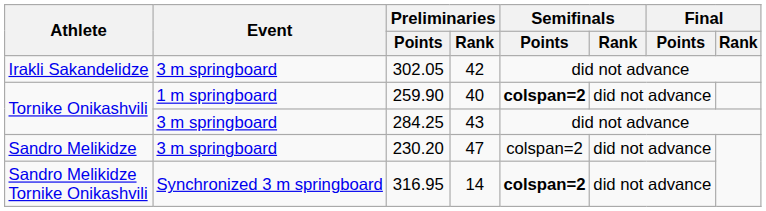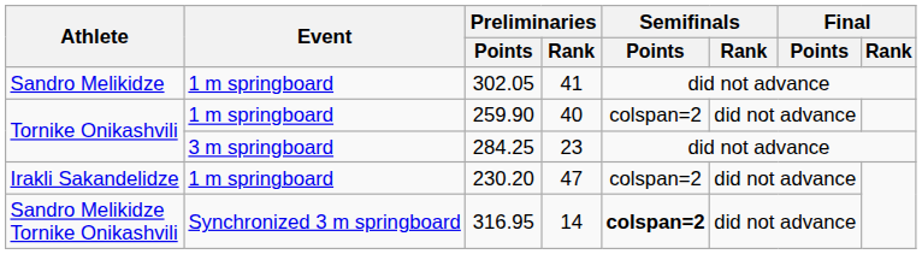 <table class="wikitable" style="text-align:center; font-size:90%">
 <tr>
 <th rowspan="2">Athlete</th>
 <th rowspan="2">Event</th>
 <th colspan="2">Preliminaries</th>
 <th colspan="2">Semifinals</th>
 <th colspan="2">Final</th>
 </tr>
 <tr style="font-size:95%">
 <th>Points</th>
 <th>Rank</th>
 <th>Points</th>
 <th>Rank</th>
 <th>Points</th>
 <th>Rank</th>
 </tr>
 <tr>
-<td align=left><a href='#'>Irakli Sakandelidze</a></td>
-<td align=left><a href='#'>3 m springboard</a></td>
+<td align=left><a href='#'>Sandro Melikidze</a></td>
+<td align=left><a href='#'>1 m springboard</a></td>
 <td>302.05</td>
-<td>42</td>
+<td>41</td>
 <td colspan=4>did not advance</td>
 </tr>
 <tr>
 <td rowspan=2 align=left><a href='#'>Tornike Onikashvili</a></td>
 <td align=left><a href='#'>1 m springboard</a></td>
 <td>259.90</td>
 <td>40</td>
-<td><strong>colspan=2 </strong></td>
+<td>colspan=2 </td>
 <td colspan=2>did not advance</td>
 </tr>
 <tr>
 <td align=left><a href='#'>3 m springboard</a></td>
 <td>284.25</td>
-<td>43</td>
+<td>23</td>
 <td colspan=4>did not advance</td>
 </tr>
 <tr>
-<td align=left><a href='#'>Sandro Melikidze</a></td>
-<td align=left><a href='#'>3 m springboard</a></td>
+<td align=left><a href='#'>Irakli Sakandelidze</a></td>
+<td align=left><a href='#'>1 m springboard</a></td>
 <td>230.20</td>
 <td>47</td>
 <td>colspan=2 </td>
 <td colspan=2>did not advance</td>
 </tr>
 <tr>
 <td align=left><a href='#'>Sandro Melikidze</a><br><a href='#'>Tornike Onikashvili</a></td>
 <td align=left><a href='#'>Synchronized 3 m springboard</a></td>
 <td>316.95</td>
 <td>14</td>
 <td><strong>colspan=2 </strong></td>
 <td colspan=2>did not advance</td>
 </tr>
 </table>
